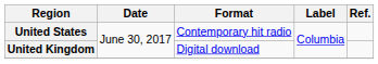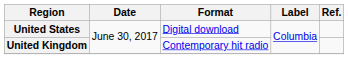 <table class="wikitable plainrowheaders">
 <tr>
 <th>Region</th>
 <th>Date</th>
 <th>Format</th>
 <th>Label</th>
 <th>Ref.</th>
 </tr>
 <tr>
 <th scope="row">United States</th>
 <td rowspan="2">June 30, 2017</td>
-<td><a href='#'>Contemporary hit radio</a></td>
+<td><a href='#'>Digital download</a></td>
 <td rowspan="2"><a href='#'>Columbia</a></td>
 <td><br></td>
 </tr>
 <tr>
 <th scope="row">United Kingdom</th>
-<td><a href='#'>Digital download</a></td>
+<td><a href='#'>Contemporary hit radio</a></td>
 <td></td>
 </tr>
 <tr>
 </tr>
 </table>
